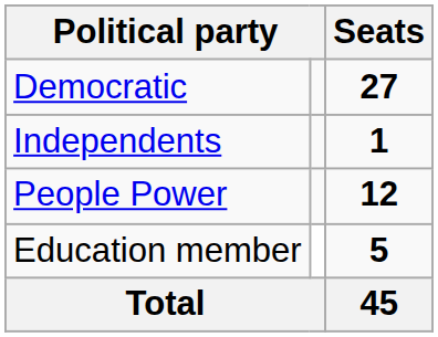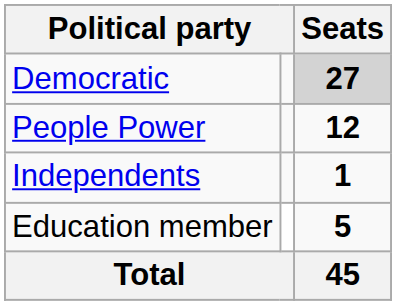 <table class="wikitable">
 <tr>
 <th colspan="2">Political party</th>
 <th>Seats</th>
 </tr>
 <tr>
 <td><a href='#'>Democratic</a></td>
 <td style="background:"></td>
-<td style="text-align: center;"><strong>27</strong></td>
+<td style="background: lightgrey; text-align: center;"><strong>27</strong></td>
+</tr>
+<tr>
+<td><a href='#'>People Power</a></td>
+<td style="background:"></td>
+<td style="text-align: center;"><strong>12</strong></td>
 </tr>
 <tr>
 <td><a href='#'>Independents</a></td>
 <td style="background:"></td>
 <td style="text-align: center;"><strong>1</strong></td>
-</tr>
-<tr>
-<td><a href='#'>People Power</a></td>
-<td style="background:"></td>
-<td style="text-align: center;"><strong>12</strong></td>
 </tr>
 <tr>
 <td>Education member</td>
 <td style="background:#ffffff;"></td>
 <td style="text-align: center;"><strong>5</strong></td>
 </tr>
 <tr>
 <th colspan="2">Total</th>
 <th>45</th>
 </tr>
 </table>
